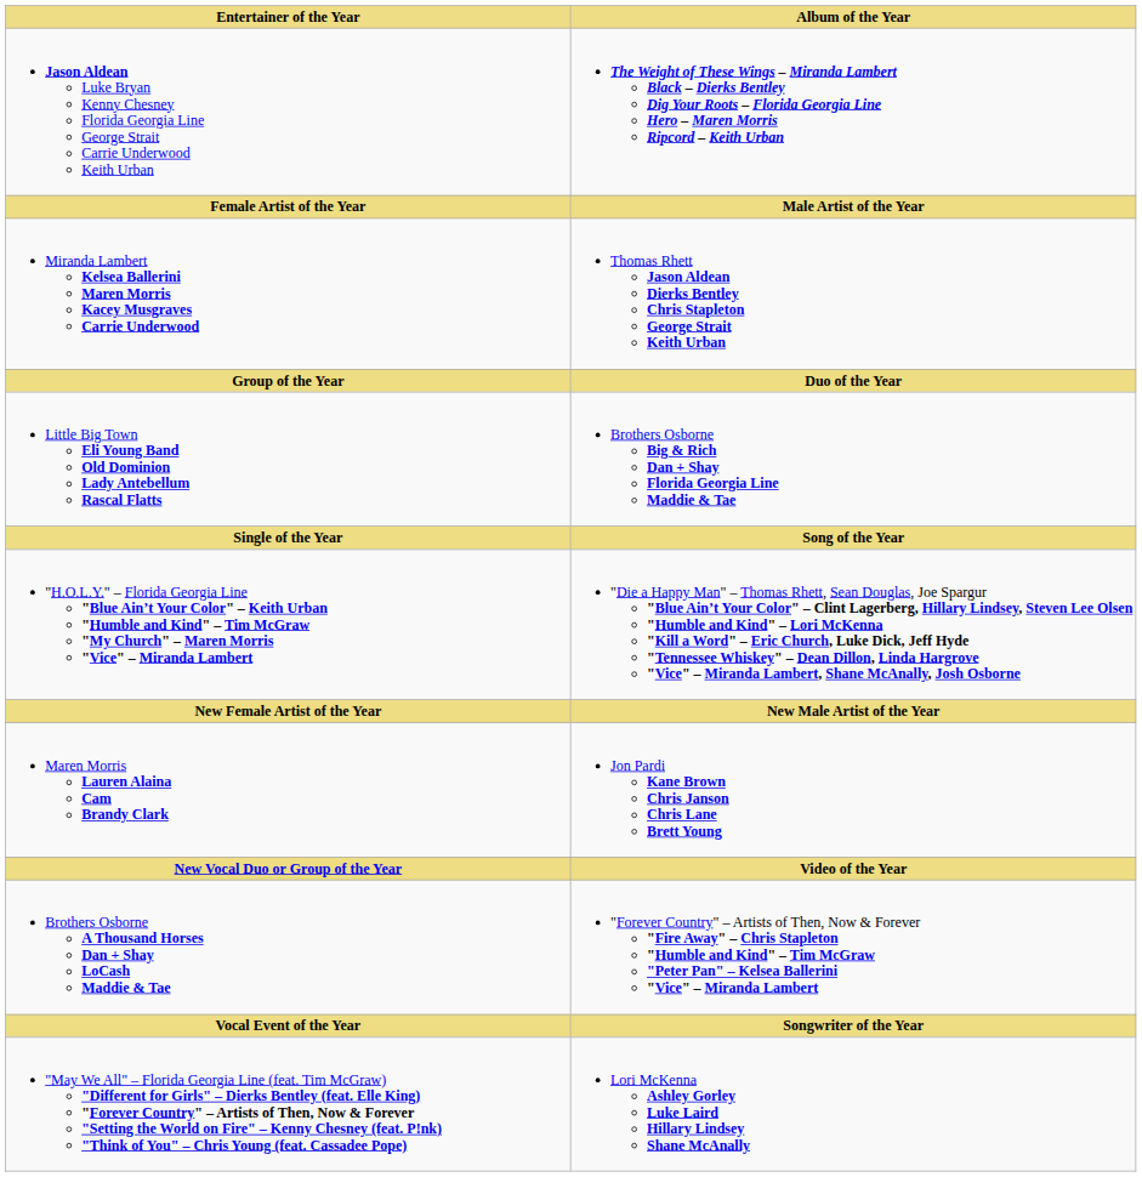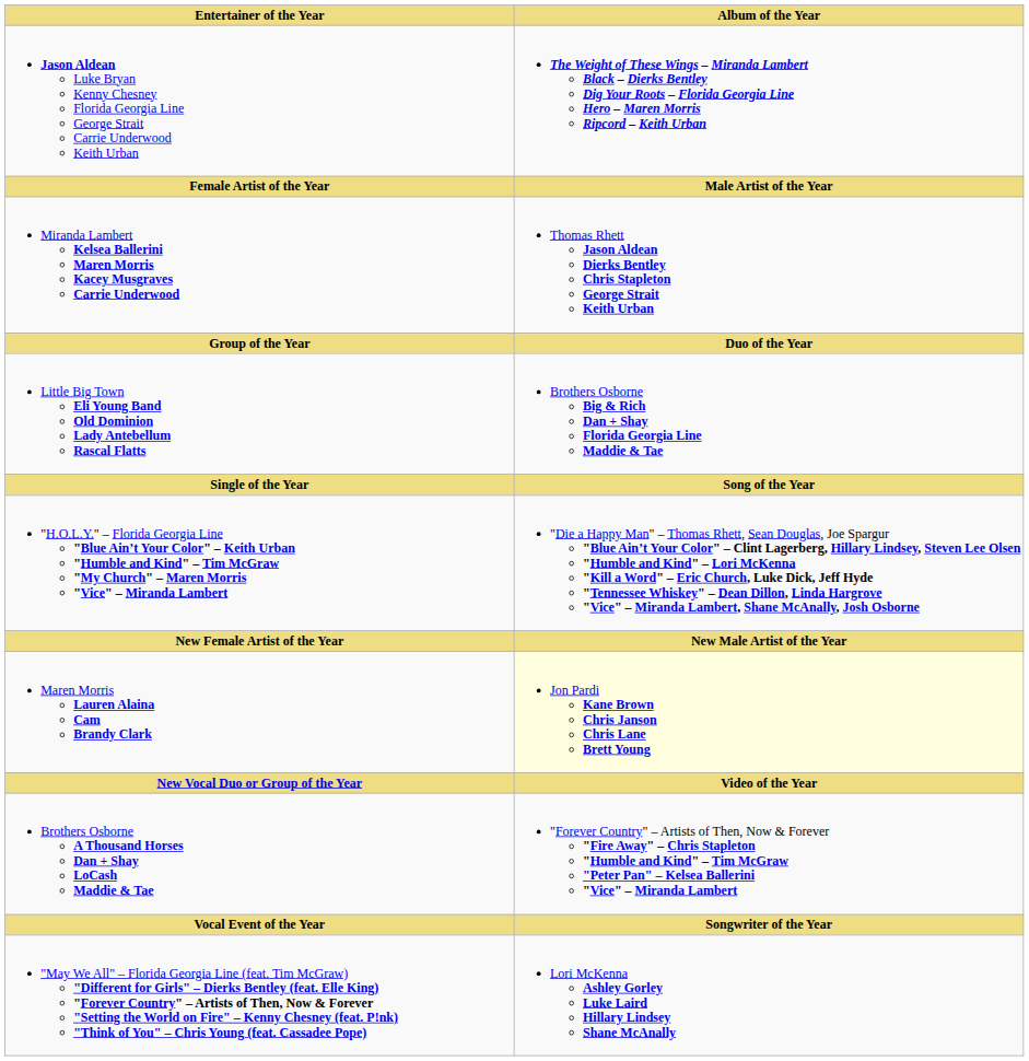 <table class="wikitable">
 <tr>
 <th style="background:#EEDD85;" width="50%">Entertainer of the Year</th>
 <th style="background:#EEDD85;" width="50%">Album of the Year</th>
 </tr>
 <tr>
 <td valign="top"><br><ul><li><strong><a href='#'>Jason Aldean</a></strong><ul><li><a href='#'>Luke Bryan</a></li><li><a href='#'>Kenny Chesney</a></li><li><a href='#'>Florida Georgia Line</a></li><li><a href='#'>George Strait</a></li><li><a href='#'>Carrie Underwood</a></li><li><a href='#'>Keith Urban</a></li></ul></li></ul></td>
 <td valign="top"><br><ul><li><strong><em><a href='#'>The Weight of These Wings</a><em> – <a href='#'>Miranda Lambert</a><strong><ul><li></em><a href='#'>Black</a><em> – <a href='#'>Dierks Bentley</a></li><li></em><a href='#'>Dig Your Roots</a><em> – <a href='#'>Florida Georgia Line</a></li><li></em><a href='#'>Hero</a><em> – <a href='#'>Maren Morris</a></li><li></em><a href='#'>Ripcord</a><em> – <a href='#'>Keith Urban</a></li></ul></li></ul></td>
 </tr>
 <tr>
 <th style="background:#EEDD82; width=50%">Female Artist of the Year</th>
 <th style="background:#EEDD82; width=50%">Male Artist of the Year</th>
 </tr>
 <tr>
 <td valign="top"><br><ul><li></strong><a href='#'>Miranda Lambert</a><strong><ul><li><a href='#'>Kelsea Ballerini</a></li><li><a href='#'>Maren Morris</a></li><li><a href='#'>Kacey Musgraves</a></li><li><a href='#'>Carrie Underwood</a></li></ul></li></ul></td>
 <td valign="top"><br><ul><li></strong><a href='#'>Thomas Rhett</a><strong><ul><li><a href='#'>Jason Aldean</a></li><li><a href='#'>Dierks Bentley</a></li><li><a href='#'>Chris Stapleton</a></li><li><a href='#'>George Strait</a></li><li><a href='#'>Keith Urban</a></li></ul></li></ul></td>
 </tr>
 <tr>
 <th style="background:#EEDD82; width=50%">Group of the Year</th>
 <th style="background:#EEDD82; width=50%">Duo of the Year</th>
 </tr>
 <tr>
 <td valign="top"><br><ul><li></strong><a href='#'>Little Big Town</a><strong><ul><li><a href='#'>Eli Young Band</a></li><li><a href='#'>Old Dominion</a></li><li><a href='#'>Lady Antebellum</a></li><li><a href='#'>Rascal Flatts</a></li></ul></li></ul></td>
 <td valign="top"><br><ul><li></strong><a href='#'>Brothers Osborne</a><strong><ul><li><a href='#'>Big & Rich</a></li><li><a href='#'>Dan + Shay</a></li><li><a href='#'>Florida Georgia Line</a></li><li><a href='#'>Maddie & Tae</a></li></ul></li></ul></td>
 </tr>
 <tr>
 <th style="background:#EEDD82; width=50%">Single of the Year</th>
 <th style="background:#EEDD82; width=50%">Song of the Year</th>
 </tr>
 <tr>
 <td valign="top"><br><ul><li></strong>"<a href='#'>H.O.L.Y.</a>" – <a href='#'>Florida Georgia Line</a><strong><ul><li>"<a href='#'>Blue Ain’t Your Color</a>" – <a href='#'>Keith Urban</a></li><li>"<a href='#'>Humble and Kind</a>" – <a href='#'>Tim McGraw</a></li><li>"<a href='#'>My Church</a>" – <a href='#'>Maren Morris</a></li><li>"<a href='#'>Vice</a>" – <a href='#'>Miranda Lambert</a></li></ul></li></ul></td>
 <td valign="top"><br><ul><li></strong>"<a href='#'>Die a Happy Man</a>" – <a href='#'>Thomas Rhett</a>, <a href='#'>Sean Douglas</a>, Joe Spargur<strong><ul><li>"<a href='#'>Blue Ain’t Your Color</a>" – Clint Lagerberg, <a href='#'>Hillary Lindsey</a>, <a href='#'>Steven Lee Olsen</a></li><li>"<a href='#'>Humble and Kind</a>" – <a href='#'>Lori McKenna</a></li><li>"<a href='#'>Kill a Word</a>" – <a href='#'>Eric Church</a>, Luke Dick, Jeff Hyde</li><li>"<a href='#'>Tennessee Whiskey</a>" – <a href='#'>Dean Dillon</a>, <a href='#'>Linda Hargrove</a></li><li>"<a href='#'>Vice</a>" – <a href='#'>Miranda Lambert</a>, <a href='#'>Shane McAnally</a>, <a href='#'>Josh Osborne</a></li></ul></li></ul></td>
 </tr>
 <tr>
 <th style="background:#EEDD82; width=50%">New Female Artist of the Year</th>
 <th style="background:#EEDD82; width=50%">New Male Artist of the Year</th>
 </tr>
 <tr>
 <td valign="top"><br><ul><li></strong><a href='#'>Maren Morris</a><strong><ul><li><a href='#'>Lauren Alaina</a></li><li><a href='#'>Cam</a></li><li><a href='#'>Brandy Clark</a></li></ul></li></ul></td>
-<td valign="top"><br><ul><li></strong><a href='#'>Jon Pardi</a><strong><ul><li><a href='#'>Kane Brown</a></li><li><a href='#'>Chris Janson</a></li><li><a href='#'>Chris Lane</a></li><li><a href='#'>Brett Young</a></li></ul></li></ul></td>
+<td valign="top" style="background: lightyellow;"><br><ul><li></strong><a href='#'>Jon Pardi</a><strong><ul><li><a href='#'>Kane Brown</a></li><li><a href='#'>Chris Janson</a></li><li><a href='#'>Chris Lane</a></li><li><a href='#'>Brett Young</a></li></ul></li></ul></td>
 </tr>
 <tr>
 <th style="background:#EEDD82; width=50%"><a href='#'>New Vocal Duo or Group of the Year</a></th>
 <th style="background:#EEDD82; width=50%">Video of the Year</th>
 </tr>
 <tr>
 <td valign="top"><br><ul><li></strong><a href='#'>Brothers Osborne</a><strong><ul><li><a href='#'>A Thousand Horses</a></li><li><a href='#'>Dan + Shay</a></li><li><a href='#'>LoCash</a></li><li><a href='#'>Maddie & Tae</a></li></ul></li></ul></td>
 <td valign="top"><br><ul><li></strong>"<a href='#'>Forever Country</a>" – Artists of Then, Now & Forever<strong><ul><li>"<a href='#'>Fire Away</a>" – <a href='#'>Chris Stapleton</a></li><li>"<a href='#'>Humble and Kind</a>" – <a href='#'>Tim McGraw</a></li><li><a href='#'>"Peter Pan" – Kelsea Ballerini</a></li><li>"<a href='#'>Vice</a>" – <a href='#'>Miranda Lambert</a></li></ul></li></ul></td>
 </tr>
 <tr>
 <th style="background:#EEDD82; width=50%">Vocal Event of the Year</th>
 <th style="background:#EEDD82; width=50%">Songwriter of the Year</th>
 </tr>
 <tr>
 <td><br><ul><li></strong><a href='#'>"May We All" – Florida Georgia Line (feat. Tim McGraw)</a><strong><ul><li><a href='#'>"Different for Girls" – Dierks Bentley (feat. Elle King)</a></li><li>"<a href='#'>Forever Country</a>" – Artists of Then, Now & Forever</li><li><a href='#'>"Setting the World on Fire" – Kenny Chesney (feat. P!nk)</a></li><li><a href='#'>"Think of You" – Chris Young (feat. Cassadee Pope)</a></li></ul></li></ul></td>
 <td valign="top"><br><ul><li></strong><a href='#'>Lori McKenna</a><strong><ul><li><a href='#'>Ashley Gorley</a></li><li><a href='#'>Luke Laird</a></li><li><a href='#'>Hillary Lindsey</a></li><li><a href='#'>Shane McAnally</a></li></ul></li></ul></td>
 </tr>
 </table>
